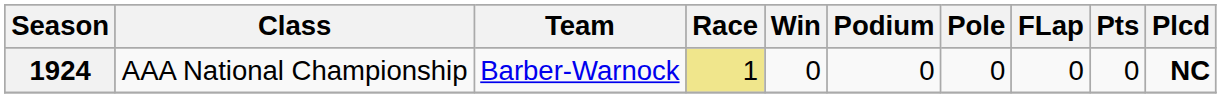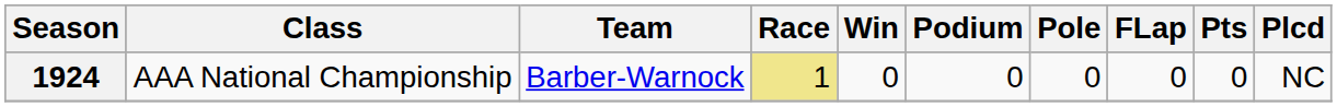 <table class="wikitable">
 <tr>
 <th>Season</th>
 <th>Class</th>
 <th>Team</th>
 <th>Race</th>
 <th>Win</th>
 <th>Podium</th>
 <th>Pole</th>
 <th>FLap</th>
 <th>Pts</th>
 <th>Plcd</th>
 </tr>
 <tr align="right">
 <th>1924</th>
 <td>AAA National Championship</td>
 <td><a href='#'>Barber-Warnock</a></td>
 <td style="background: khaki;">1</td>
 <td>0</td>
 <td>0</td>
 <td>0</td>
 <td>0</td>
 <td>0</td>
-<td><strong>NC</strong></td>
+<td>NC</td>
 </tr>
 <tr align="right">
 </tr>
 </table>
